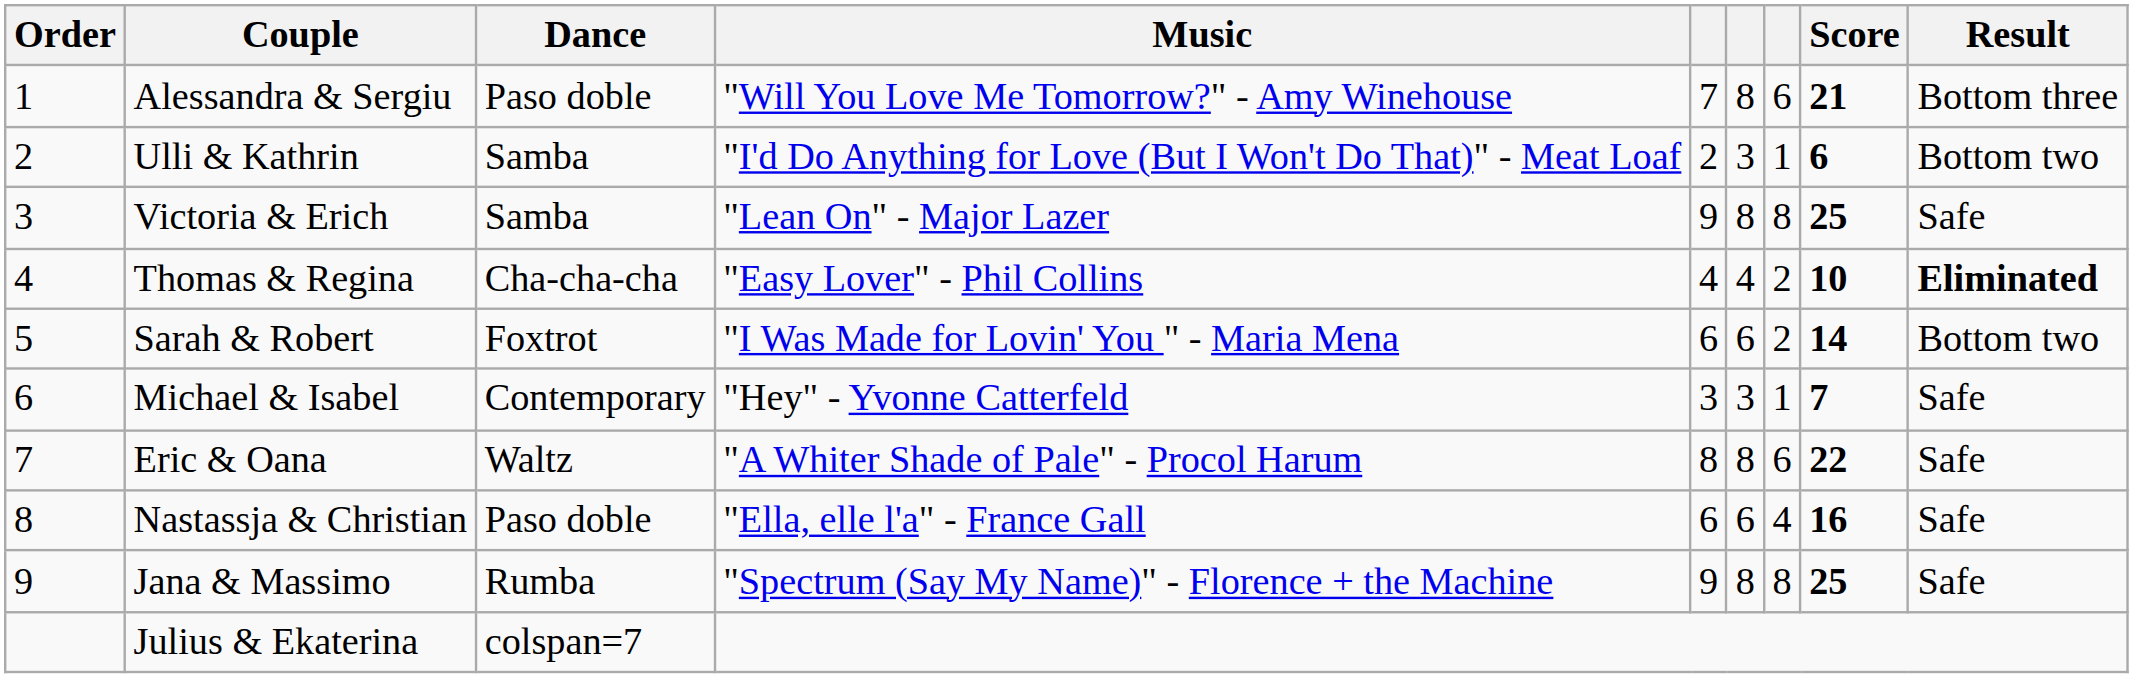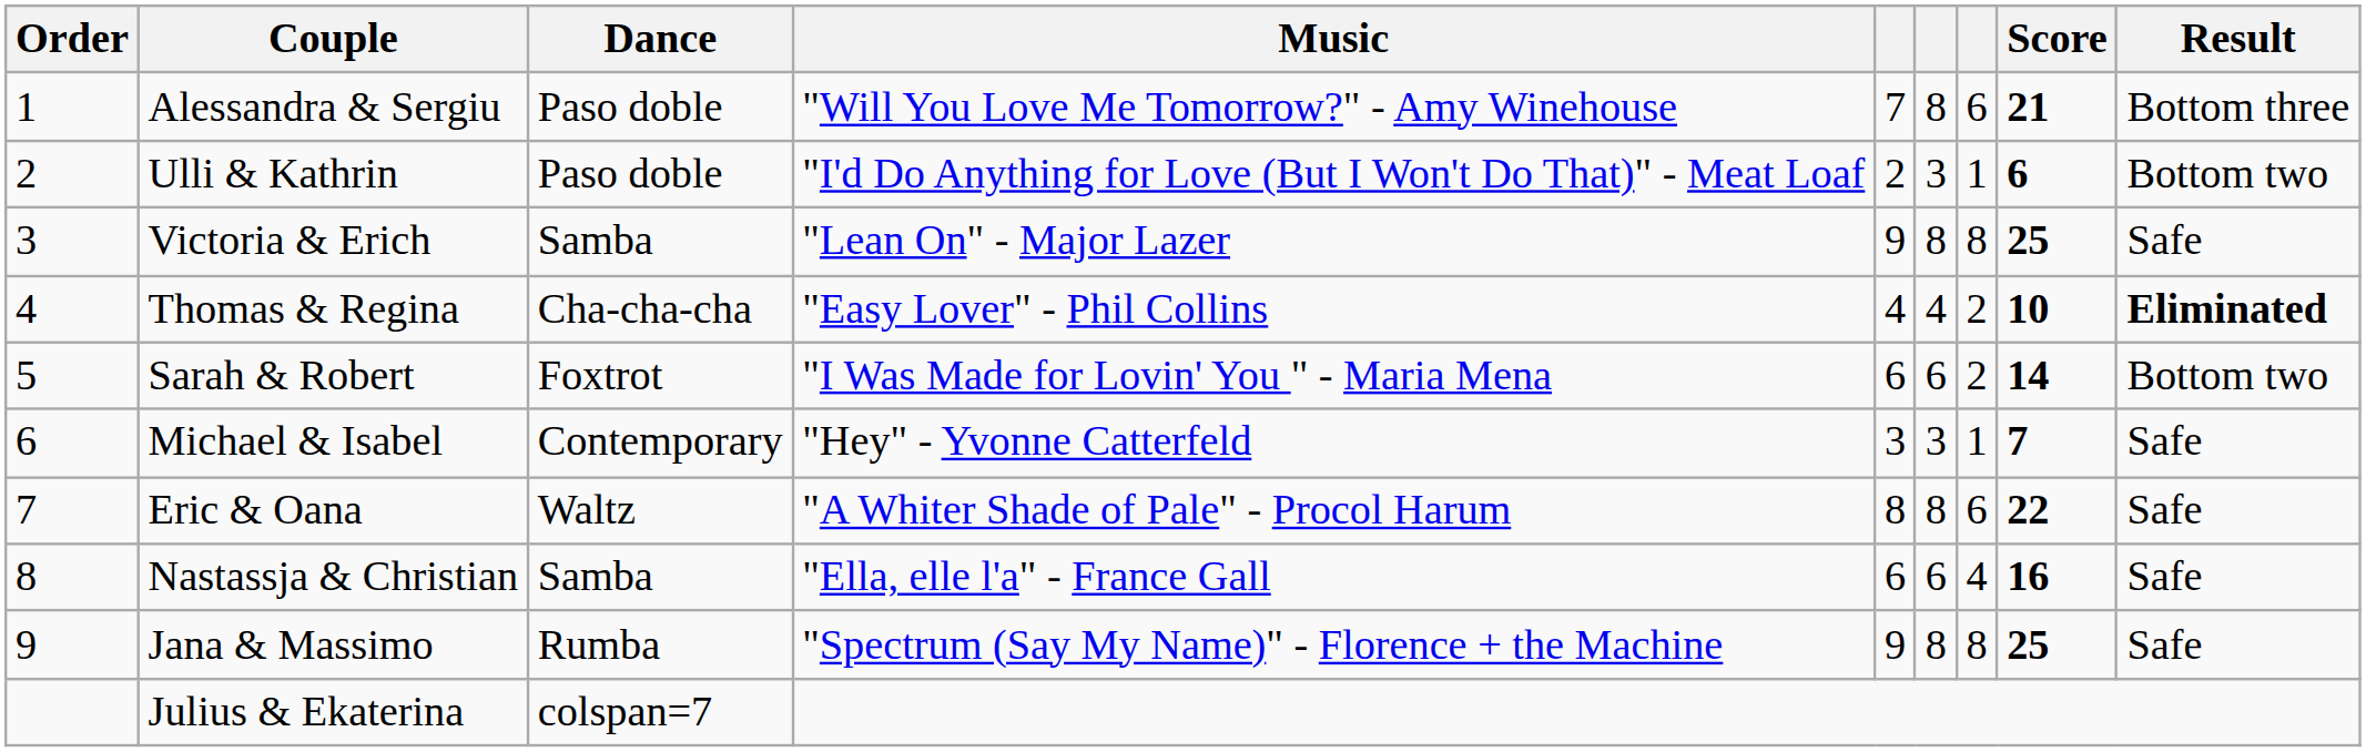 <table class="wikitable sortable center">
 <tr>
 <th>Order</th>
 <th>Couple</th>
 <th>Dance</th>
 <th>Music</th>
 <th><small></small></th>
 <th><small></small></th>
 <th><small></small></th>
 <th>Score</th>
 <th>Result</th>
 </tr>
 <tr>
 <td>1</td>
 <td>Alessandra & Sergiu</td>
 <td>Paso doble</td>
 <td>"<a href='#'>Will You Love Me Tomorrow?</a>" - <a href='#'>Amy Winehouse</a></td>
 <td>7</td>
 <td>8</td>
 <td>6</td>
 <td><strong>21</strong></td>
 <td>Bottom three</td>
 </tr>
 <tr>
 <td>2</td>
 <td>Ulli & Kathrin</td>
-<td>Samba</td>
+<td>Paso doble</td>
 <td>"<a href='#'>I'd Do Anything for Love (But I Won't Do That)</a>" - <a href='#'>Meat Loaf</a></td>
 <td>2</td>
 <td>3</td>
 <td>1</td>
 <td><strong>6</strong></td>
 <td>Bottom two</td>
 </tr>
 <tr>
 <td>3</td>
 <td>Victoria & Erich</td>
 <td>Samba</td>
 <td>"<a href='#'>Lean On</a>" - <a href='#'>Major Lazer</a></td>
 <td>9</td>
 <td>8</td>
 <td>8</td>
 <td><strong>25</strong></td>
 <td>Safe</td>
 </tr>
 <tr>
 <td>4</td>
 <td>Thomas & Regina</td>
 <td>Cha-cha-cha</td>
 <td>"<a href='#'>Easy Lover</a>" - <a href='#'>Phil Collins</a></td>
 <td>4</td>
 <td>4</td>
 <td>2</td>
 <td><strong>10</strong></td>
 <td><strong>Eliminated</strong></td>
 </tr>
 <tr>
 <td>5</td>
 <td>Sarah & Robert</td>
 <td>Foxtrot</td>
 <td>"<a href='#'>I Was Made for Lovin' You </a>" - <a href='#'>Maria Mena</a></td>
 <td>6</td>
 <td>6</td>
 <td>2</td>
 <td><strong>14</strong></td>
 <td>Bottom two</td>
 </tr>
 <tr>
 <td>6</td>
 <td>Michael & Isabel</td>
 <td>Contemporary</td>
 <td>"Hey" - <a href='#'>Yvonne Catterfeld</a></td>
 <td>3</td>
 <td>3</td>
 <td>1</td>
 <td><strong>7</strong></td>
 <td>Safe</td>
 </tr>
 <tr>
 <td>7</td>
 <td>Eric & Oana</td>
 <td>Waltz</td>
 <td>"<a href='#'>A Whiter Shade of Pale</a>" - <a href='#'>Procol Harum</a></td>
 <td>8</td>
 <td>8</td>
 <td>6</td>
 <td><strong>22</strong></td>
 <td>Safe</td>
 </tr>
 <tr>
 <td>8</td>
 <td>Nastassja & Christian</td>
-<td>Paso doble</td>
+<td>Samba</td>
 <td>"<a href='#'>Ella, elle l'a</a>" - <a href='#'>France Gall</a></td>
 <td>6</td>
 <td>6</td>
 <td>4</td>
 <td><strong>16</strong></td>
 <td>Safe</td>
 </tr>
 <tr>
 <td>9</td>
 <td>Jana & Massimo</td>
 <td>Rumba</td>
 <td>"<a href='#'>Spectrum (Say My Name)</a>" - <a href='#'>Florence + the Machine</a></td>
 <td>9</td>
 <td>8</td>
 <td>8</td>
 <td><strong>25</strong></td>
 <td>Safe</td>
 </tr>
 <tr>
 <td></td>
 <td>Julius & Ekaterina</td>
 <td>colspan=7 </td>
 </tr>
 </table>
